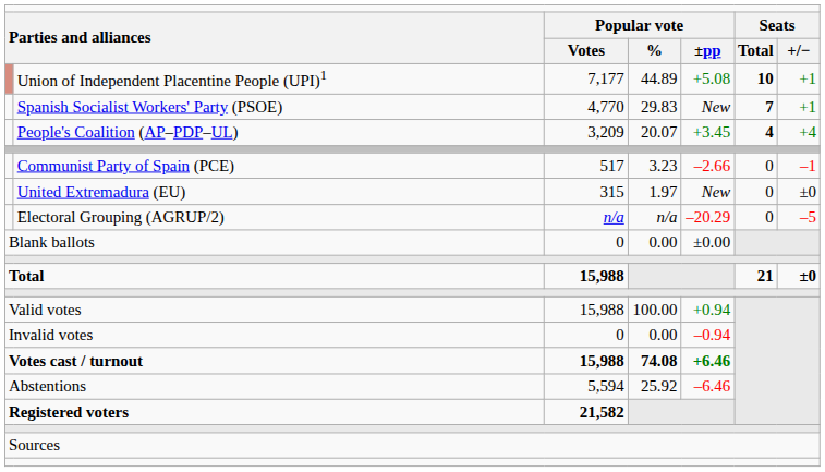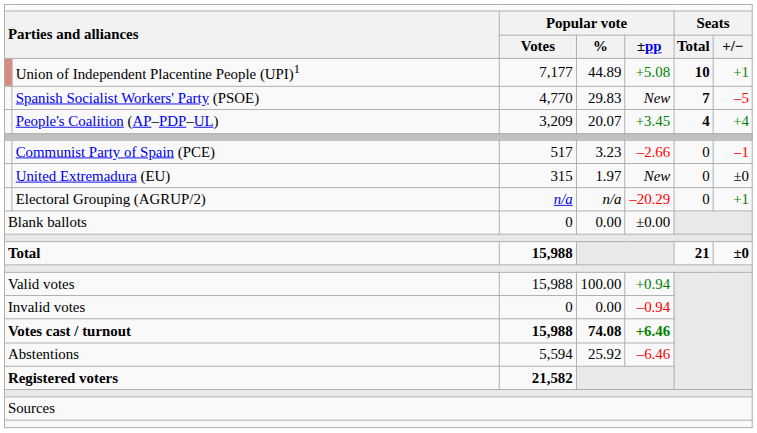 <table class="wikitable" style="text-align:right;">
 <tr>
 <td colspan="7"></td>
 </tr>
 <tr>
 <th style="text-align:left;" rowspan="2" colspan="2" width="525">Parties and alliances</th>
 <th colspan="3">Popular vote</th>
 <th colspan="2">Seats</th>
 </tr>
 <tr>
 <th width="75">Votes</th>
 <th width="45">%</th>
 <th width="45">±<a href='#'>pp</a></th>
 <th width="35">Total</th>
 <th width="35">+/−</th>
 </tr>
 <tr>
 <td width="1" style="color:inherit;background:#D78C7F"></td>
 <td align="left">Union of Independent Placentine People (UPI)<sup>1</sup></td>
 <td>7,177</td>
 <td>44.89</td>
 <td style="color:green;">+5.08</td>
 <td><strong>10</strong></td>
 <td style="color:green;">+1</td>
 </tr>
 <tr>
 <td style="color:inherit;background:"></td>
 <td align="left"><a href='#'>Spanish Socialist Workers' Party</a> (PSOE)</td>
 <td>4,770</td>
 <td>29.83</td>
 <td><em>New</em></td>
 <td><strong>7</strong></td>
-<td style="color:green;">+1</td>
+<td style="color:red;">–5</td>
 </tr>
 <tr>
 <td style="color:inherit;background:"></td>
 <td align="left"><a href='#'>People's Coalition</a> (<a href='#'>AP</a>–<a href='#'>PDP</a>–<a href='#'>UL</a>)</td>
 <td>3,209</td>
 <td>20.07</td>
 <td style="color:green;">+3.45</td>
 <td><strong>4</strong></td>
 <td style="color:green;">+4</td>
 </tr>
 <tr>
 <td colspan="7" bgcolor="#C0C0C0"></td>
 </tr>
 <tr>
 <td style="color:inherit;background:"></td>
 <td align="left"><a href='#'>Communist Party of Spain</a> (PCE)</td>
 <td>517</td>
 <td>3.23</td>
 <td style="color:red;">–2.66</td>
 <td>0</td>
 <td style="color:red;">–1</td>
 </tr>
 <tr>
 <td style="color:inherit;background:"></td>
 <td align="left"><a href='#'>United Extremadura</a> (EU)</td>
 <td>315</td>
 <td>1.97</td>
 <td><em>New</em></td>
 <td>0</td>
 <td>±0</td>
 </tr>
 <tr>
 <td style="color:inherit;background:"></td>
 <td align="left">Electoral Grouping (AGRUP/2)</td>
 <td><em><a href='#'>n/a</a></em></td>
 <td><em>n/a</em></td>
 <td style="color:red;">–20.29</td>
 <td>0</td>
-<td style="color:red;">–5</td>
+<td style="color:green;">+1</td>
 </tr>
 <tr>
 <td align="left" colspan="2">Blank ballots</td>
 <td>0</td>
 <td>0.00</td>
 <td>±0.00</td>
 <td bgcolor="#E9E9E9" colspan="2"></td>
 </tr>
 <tr>
 <td colspan="7" bgcolor="#E9E9E9"></td>
 </tr>
 <tr style="font-weight:bold;">
 <td align="left" colspan="2">Total</td>
 <td>15,988</td>
 <td bgcolor="#E9E9E9" colspan="2"></td>
 <td>21</td>
 <td>±0</td>
 </tr>
 <tr>
 <td colspan="7" bgcolor="#E9E9E9"></td>
 </tr>
 <tr>
 <td align="left" colspan="2">Valid votes</td>
 <td>15,988</td>
 <td>100.00</td>
 <td style="color:green;">+0.94</td>
 <td bgcolor="#E9E9E9" colspan="2" rowspan="5"></td>
 </tr>
 <tr>
 <td align="left" colspan="2">Invalid votes</td>
 <td>0</td>
 <td>0.00</td>
 <td style="color:red;">–0.94</td>
 </tr>
 <tr style="font-weight:bold;">
 <td align="left" colspan="2">Votes cast / turnout</td>
 <td>15,988</td>
 <td>74.08</td>
 <td style="color:green;">+6.46</td>
 </tr>
 <tr>
 <td align="left" colspan="2">Abstentions</td>
 <td>5,594</td>
 <td>25.92</td>
 <td style="color:red;">–6.46</td>
 </tr>
 <tr style="font-weight:bold;">
 <td align="left" colspan="2">Registered voters</td>
 <td>21,582</td>
 <td bgcolor="#E9E9E9" colspan="2"></td>
 </tr>
 <tr>
 <td colspan="7" bgcolor="#E9E9E9"></td>
 </tr>
 <tr>
 <td align="left" colspan="7">Sources</td>
 </tr>
 <tr>
 <td colspan="7" style="text-align:left; max-width:790px;"></td>
 </tr>
 </table>
